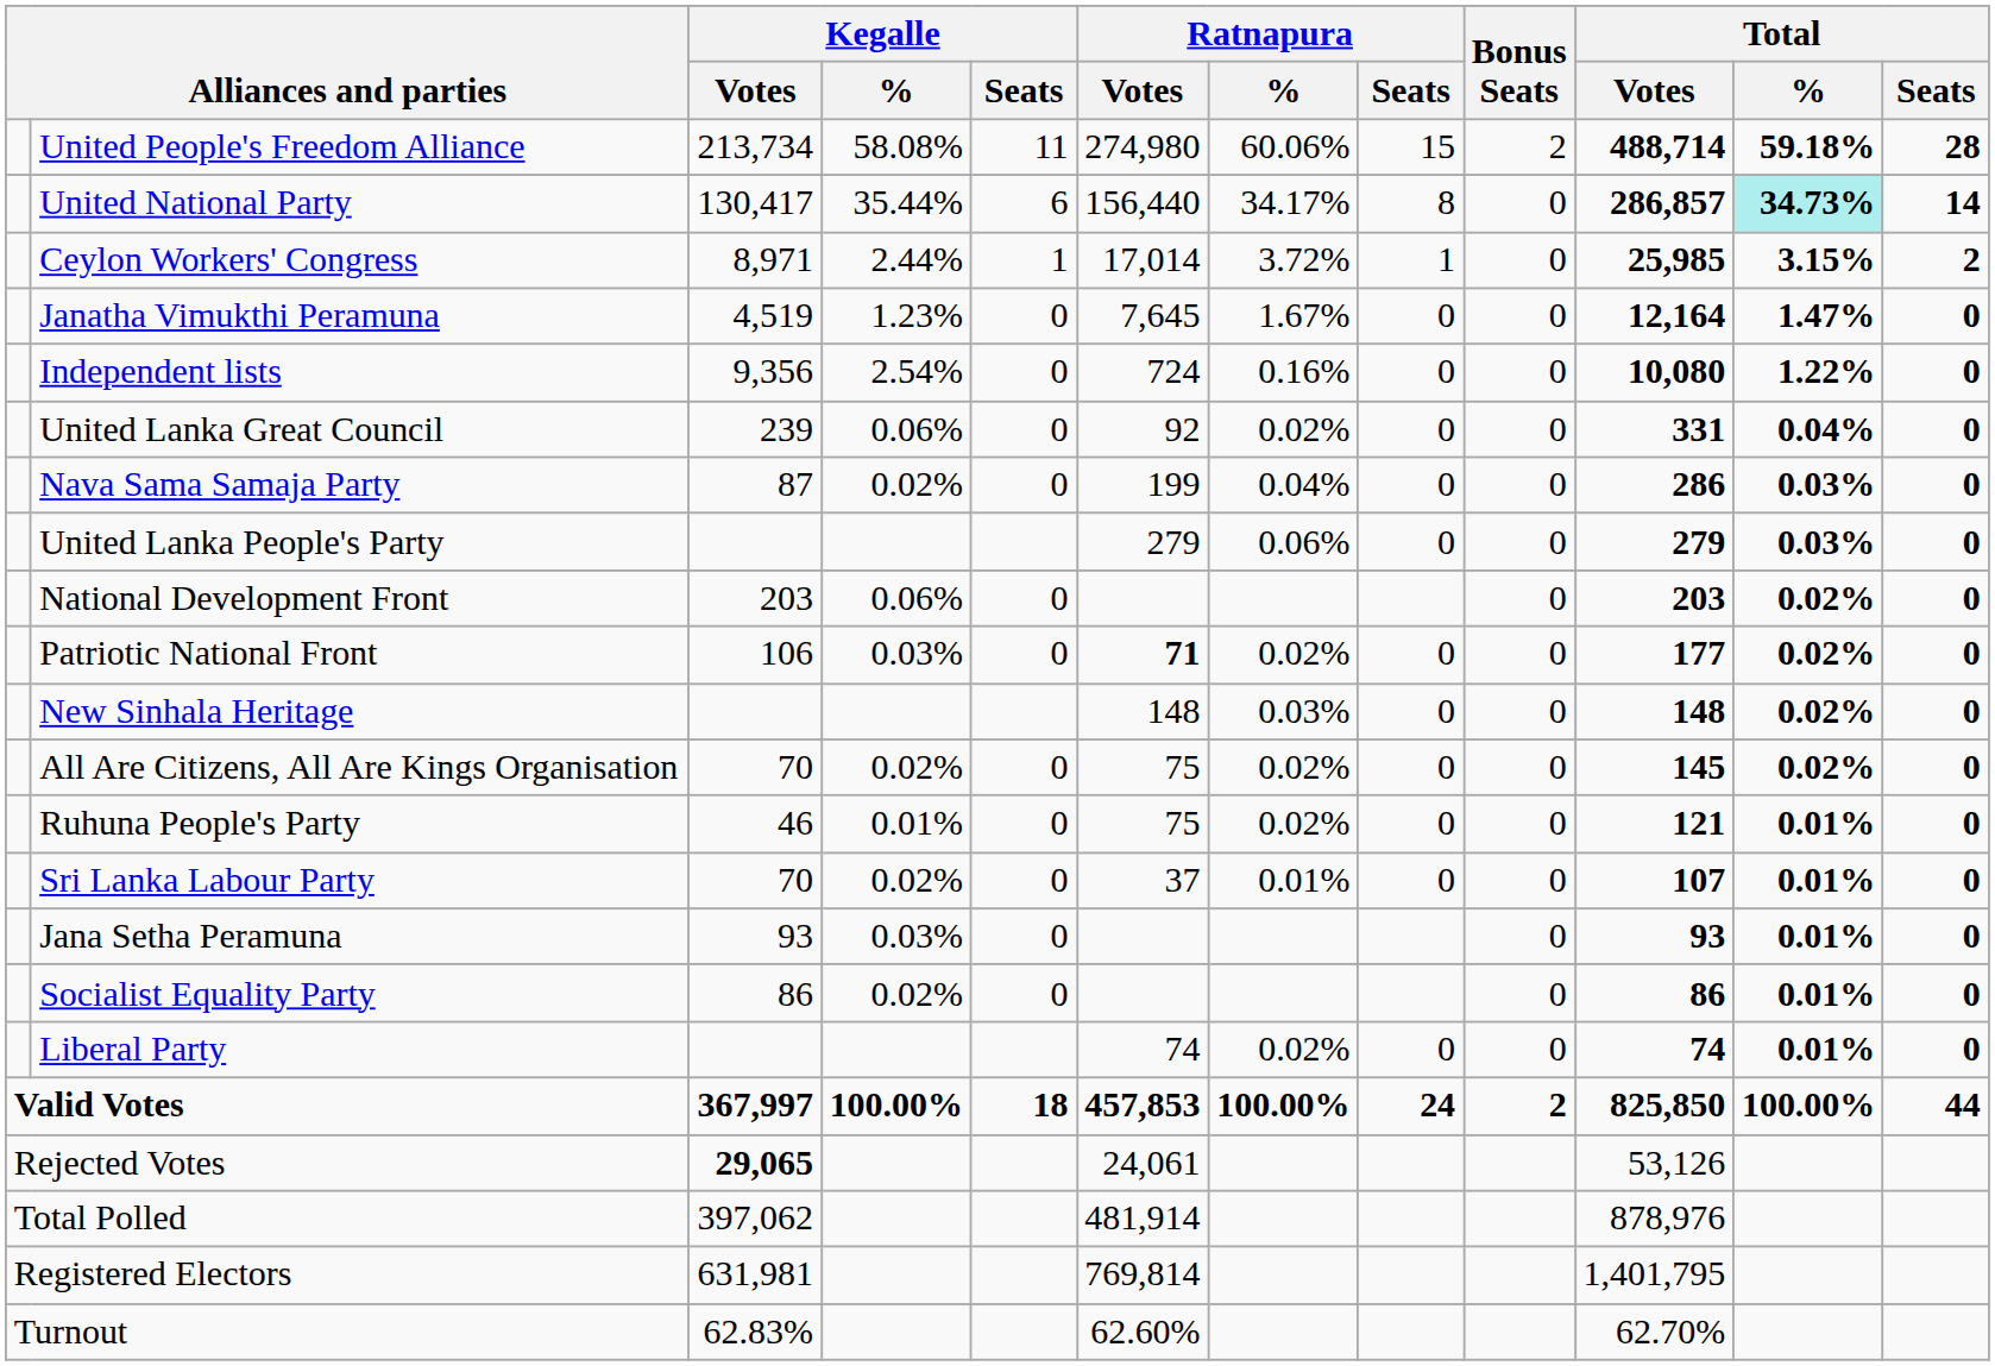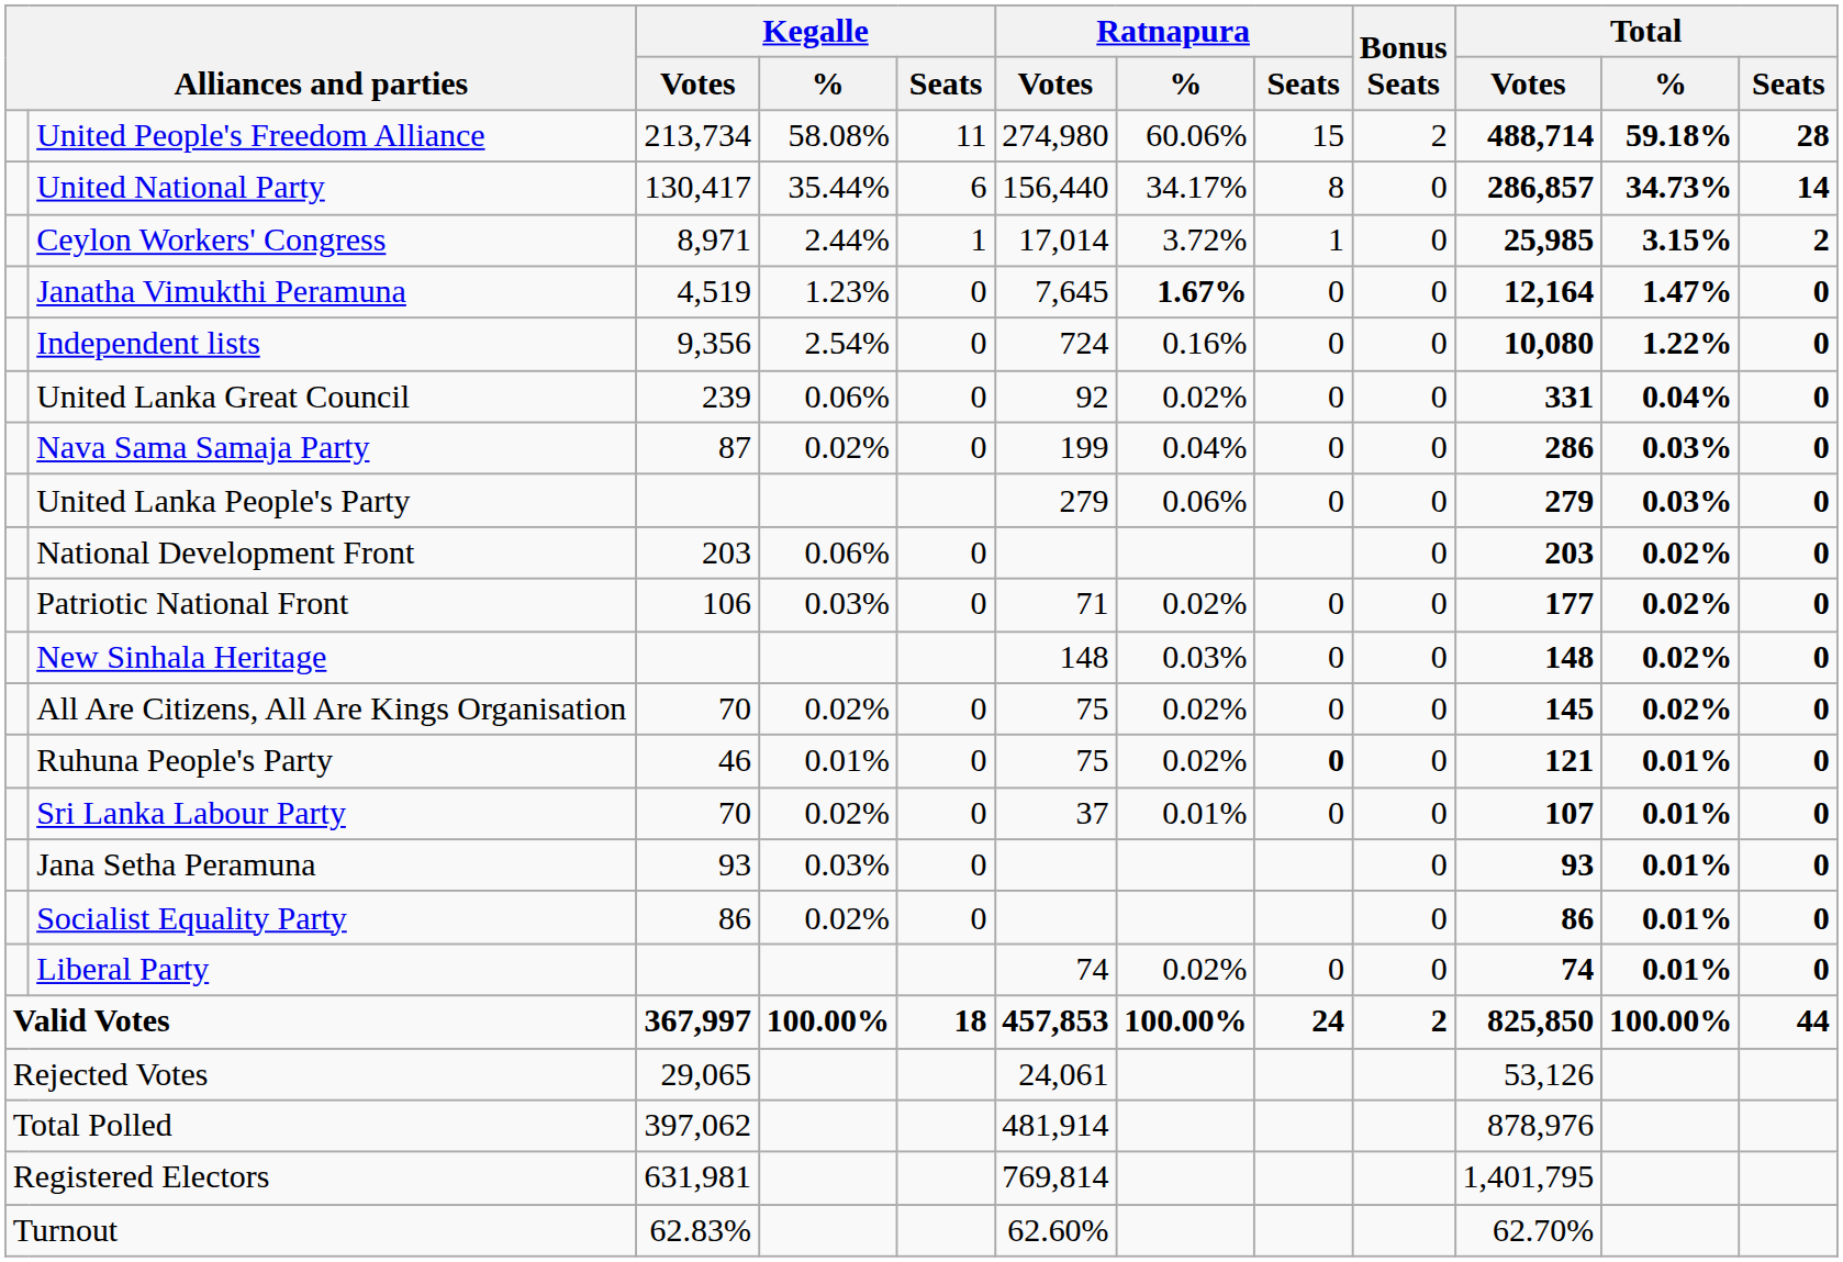 <table class="wikitable" border="1" style="text-align:right;">
 <tr>
 <th valign=bottom rowspan=2 colspan=2 width="300">Alliances and parties</th>
 <th colspan=3><a href='#'>Kegalle</a></th>
 <th colspan=3><a href='#'>Ratnapura</a></th>
 <th valign=bottom rowspan=2 width="40">Bonus<br>Seats</th>
 <th colspan=3>Total</th>
 </tr>
 <tr>
 <th align=center valign=bottom width="50">Votes</th>
 <th align=center valign=bottom width="50">%</th>
 <th align=center valign=bottom width="40">Seats</th>
 <th align=center valign=bottom width="50">Votes</th>
 <th align=center valign=bottom width="50">%</th>
 <th align=center valign=bottom width="40">Seats</th>
 <th align=center valign=bottom width="50">Votes</th>
 <th align=center valign=bottom width="50">%</th>
 <th align=center valign=bottom width="40">Seats</th>
 </tr>
 <tr>
 <td bgcolor=> </td>
 <td align=left><a href='#'>United People's Freedom Alliance</a></td>
 <td>213,734</td>
 <td>58.08%</td>
 <td>11</td>
 <td>274,980</td>
 <td>60.06%</td>
 <td>15</td>
 <td>2</td>
 <td><strong>488,714</strong></td>
 <td><strong>59.18%</strong></td>
 <td><strong>28</strong></td>
 </tr>
 <tr>
 <td bgcolor=> </td>
 <td align=left><a href='#'>United National Party</a></td>
 <td>130,417</td>
 <td>35.44%</td>
 <td>6</td>
 <td>156,440</td>
 <td>34.17%</td>
 <td>8</td>
 <td>0</td>
 <td><strong>286,857</strong></td>
-<td style="background: paleturquoise;"><strong>34.73%</strong></td>
+<td><strong>34.73%</strong></td>
 <td><strong>14</strong></td>
 </tr>
 <tr>
 <td bgcolor=> </td>
 <td align=left><a href='#'>Ceylon Workers' Congress</a></td>
 <td>8,971</td>
 <td>2.44%</td>
 <td>1</td>
 <td>17,014</td>
 <td>3.72%</td>
 <td>1</td>
 <td>0</td>
 <td><strong>25,985</strong></td>
 <td><strong>3.15%</strong></td>
 <td><strong>2</strong></td>
 </tr>
 <tr>
 <td bgcolor=> </td>
 <td align=left><a href='#'>Janatha Vimukthi Peramuna</a></td>
 <td>4,519</td>
 <td>1.23%</td>
 <td>0</td>
 <td>7,645</td>
-<td>1.67%</td>
+<td><strong>1.67%</strong></td>
 <td>0</td>
 <td>0</td>
 <td><strong>12,164</strong></td>
 <td><strong>1.47%</strong></td>
 <td><strong>0</strong></td>
 </tr>
 <tr>
 <td></td>
 <td align=left><a href='#'>Independent lists</a></td>
 <td>9,356</td>
 <td>2.54%</td>
 <td>0</td>
 <td>724</td>
 <td>0.16%</td>
 <td>0</td>
 <td>0</td>
 <td><strong>10,080</strong></td>
 <td><strong>1.22%</strong></td>
 <td><strong>0</strong></td>
 </tr>
 <tr>
 <td></td>
 <td align=left>United Lanka Great Council</td>
 <td>239</td>
 <td>0.06%</td>
 <td>0</td>
 <td>92</td>
 <td>0.02%</td>
 <td>0</td>
 <td>0</td>
 <td><strong>331</strong></td>
 <td><strong>0.04%</strong></td>
 <td><strong>0</strong></td>
 </tr>
 <tr>
 <td bgcolor=> </td>
 <td align=left><a href='#'>Nava Sama Samaja Party</a></td>
 <td>87</td>
 <td>0.02%</td>
 <td>0</td>
 <td>199</td>
 <td>0.04%</td>
 <td>0</td>
 <td>0</td>
 <td><strong>286</strong></td>
 <td><strong>0.03%</strong></td>
 <td><strong>0</strong></td>
 </tr>
 <tr>
 <td></td>
 <td align=left>United Lanka People's Party</td>
 <td></td>
 <td></td>
 <td></td>
 <td>279</td>
 <td>0.06%</td>
 <td>0</td>
 <td>0</td>
 <td><strong>279</strong></td>
 <td><strong>0.03%</strong></td>
 <td><strong>0</strong></td>
 </tr>
 <tr>
 <td></td>
 <td align=left>National Development Front</td>
 <td>203</td>
 <td>0.06%</td>
 <td>0</td>
 <td></td>
 <td></td>
 <td></td>
 <td>0</td>
 <td><strong>203</strong></td>
 <td><strong>0.02%</strong></td>
 <td><strong>0</strong></td>
 </tr>
 <tr>
 <td></td>
 <td align=left>Patriotic National Front</td>
 <td>106</td>
 <td>0.03%</td>
 <td>0</td>
-<td><strong>71</strong></td>
+<td>71</td>
 <td>0.02%</td>
 <td>0</td>
 <td>0</td>
 <td><strong>177</strong></td>
 <td><strong>0.02%</strong></td>
 <td><strong>0</strong></td>
 </tr>
 <tr>
 <td></td>
 <td align=left><a href='#'>New Sinhala Heritage</a></td>
 <td></td>
 <td></td>
 <td></td>
 <td>148</td>
 <td>0.03%</td>
 <td>0</td>
 <td>0</td>
 <td><strong>148</strong></td>
 <td><strong>0.02%</strong></td>
 <td><strong>0</strong></td>
 </tr>
 <tr>
 <td></td>
 <td align=left>All Are Citizens, All Are Kings Organisation</td>
 <td>70</td>
 <td>0.02%</td>
 <td>0</td>
 <td>75</td>
 <td>0.02%</td>
 <td>0</td>
 <td>0</td>
 <td><strong>145</strong></td>
 <td><strong>0.02%</strong></td>
 <td><strong>0</strong></td>
 </tr>
 <tr>
 <td></td>
 <td align=left>Ruhuna People's Party</td>
 <td>46</td>
 <td>0.01%</td>
 <td>0</td>
 <td>75</td>
 <td>0.02%</td>
-<td>0</td>
+<td><strong>0</strong></td>
 <td>0</td>
 <td><strong>121</strong></td>
 <td><strong>0.01%</strong></td>
 <td><strong>0</strong></td>
 </tr>
 <tr>
 <td></td>
 <td align=left><a href='#'>Sri Lanka Labour Party</a></td>
 <td>70</td>
 <td>0.02%</td>
 <td>0</td>
 <td>37</td>
 <td>0.01%</td>
 <td>0</td>
 <td>0</td>
 <td><strong>107</strong></td>
 <td><strong>0.01%</strong></td>
 <td><strong>0</strong></td>
 </tr>
 <tr>
 <td></td>
 <td align=left>Jana Setha Peramuna</td>
 <td>93</td>
 <td>0.03%</td>
 <td>0</td>
 <td></td>
 <td></td>
 <td></td>
 <td>0</td>
 <td><strong>93</strong></td>
 <td><strong>0.01%</strong></td>
 <td><strong>0</strong></td>
 </tr>
 <tr>
 <td></td>
 <td align=left><a href='#'>Socialist Equality Party</a></td>
 <td>86</td>
 <td>0.02%</td>
 <td>0</td>
 <td></td>
 <td></td>
 <td></td>
 <td>0</td>
 <td><strong>86</strong></td>
 <td><strong>0.01%</strong></td>
 <td><strong>0</strong></td>
 </tr>
 <tr>
 <td></td>
 <td align=left><a href='#'>Liberal Party</a></td>
 <td></td>
 <td></td>
 <td></td>
 <td>74</td>
 <td>0.02%</td>
 <td>0</td>
 <td>0</td>
 <td><strong>74</strong></td>
 <td><strong>0.01%</strong></td>
 <td><strong>0</strong></td>
 </tr>
 <tr>
 <td colspan=2 align=left><strong>Valid Votes</strong></td>
 <td><strong>367,997</strong></td>
 <td><strong>100.00%</strong></td>
 <td><strong>18</strong></td>
 <td><strong>457,853</strong></td>
 <td><strong>100.00%</strong></td>
 <td><strong>24</strong></td>
 <td><strong>2</strong></td>
 <td><strong>825,850</strong></td>
 <td><strong>100.00%</strong></td>
 <td><strong>44</strong></td>
 </tr>
 <tr>
 <td colspan=2 align=left>Rejected Votes</td>
-<td><strong>29,065</strong></td>
+<td>29,065</td>
 <td></td>
 <td></td>
 <td>24,061</td>
 <td></td>
 <td></td>
 <td></td>
 <td>53,126</td>
 <td></td>
 <td></td>
 </tr>
 <tr>
 <td colspan=2 align=left>Total Polled</td>
 <td>397,062</td>
 <td></td>
 <td></td>
 <td>481,914</td>
 <td></td>
 <td></td>
 <td></td>
 <td>878,976</td>
 <td></td>
 <td></td>
 </tr>
 <tr>
 <td colspan=2 align=left>Registered Electors</td>
 <td>631,981</td>
 <td></td>
 <td></td>
 <td>769,814</td>
 <td></td>
 <td></td>
 <td></td>
 <td>1,401,795</td>
 <td></td>
 <td></td>
 </tr>
 <tr>
 <td colspan=2 align=left>Turnout</td>
 <td>62.83%</td>
 <td></td>
 <td></td>
 <td>62.60%</td>
 <td></td>
 <td></td>
 <td></td>
 <td>62.70%</td>
 <td></td>
 <td></td>
 </tr>
 </table>
